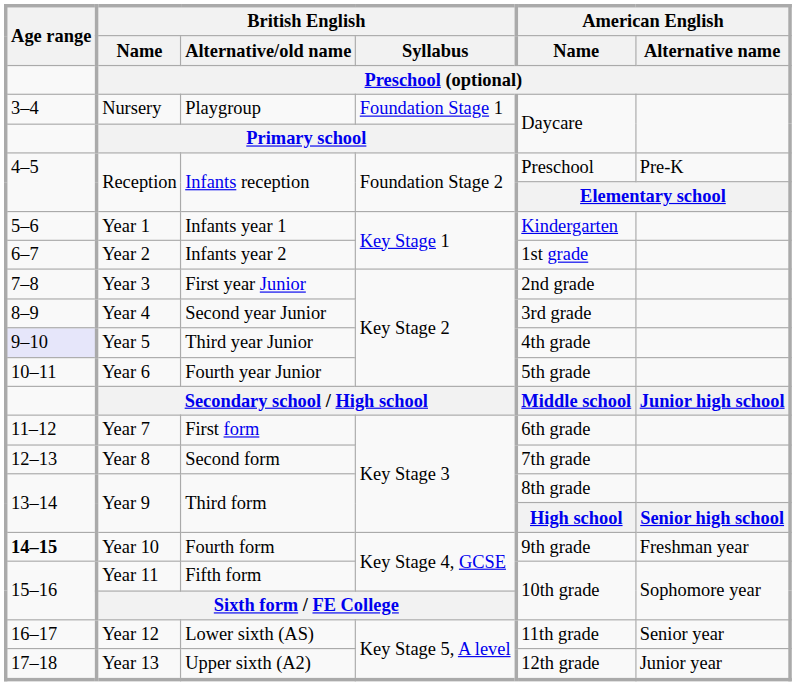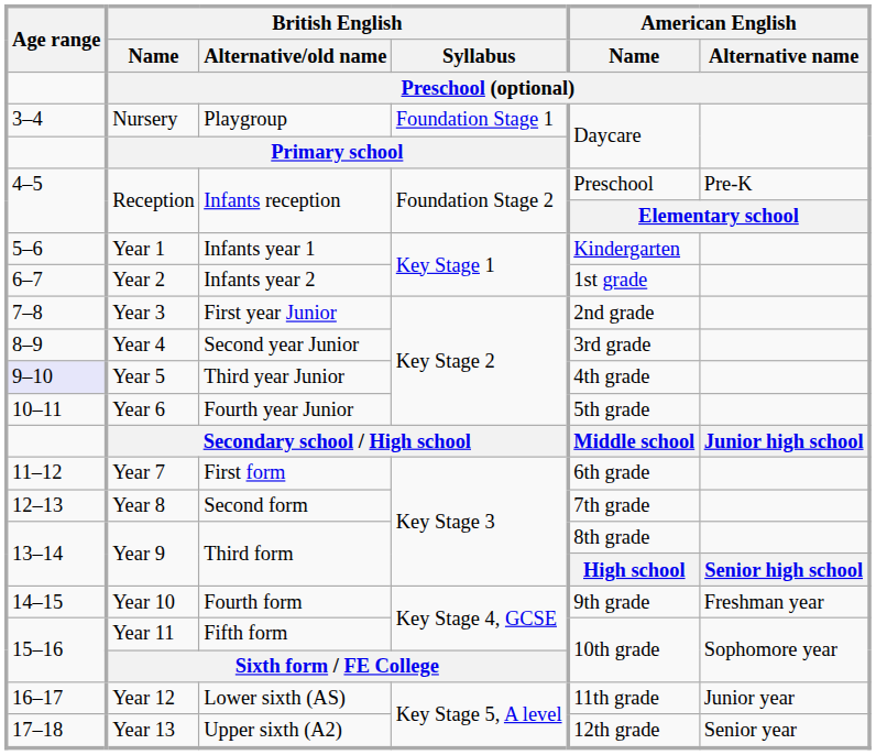 <table class="wikitable sortable" style="border-width:3px">
 <tr>
 <th rowspan="2" style="border-right-width:3px">Age range</th>
 <th colspan="3">British English</th>
 <th colspan="2" style="border-left-width:3px">American English</th>
 </tr>
 <tr>
 <th>Name</th>
 <th>Alternative/old name</th>
 <th>Syllabus</th>
 <th style="border-left-width:3px">Name</th>
 <th>Alternative name</th>
 </tr>
 <tr>
 <td style="vertical-align:bottom;border-right-width:3px"></td>
 <th colspan="5"><a href='#'>Preschool</a> (optional)</th>
 </tr>
 <tr>
 <td style="vertical-align:top;border-right-width:3px">3–4</td>
 <td>Nursery</td>
 <td>Playgroup</td>
 <td><a href='#'>Foundation Stage</a> 1</td>
 <td rowspan="2" style="border-left-width:3px">Daycare</td>
 <td rowspan="2"></td>
 </tr>
 <tr>
 <td style="vertical-align:top;border-right-width:3px"></td>
 <th colspan="3"><a href='#'>Primary school</a></th>
 </tr>
 <tr>
 <td rowspan="2" style="vertical-align:top;border-right-width:3px">4–5</td>
 <td rowspan="2">Reception</td>
 <td rowspan="2"><a href='#'>Infants</a> reception</td>
 <td rowspan="2">Foundation Stage 2</td>
 <td style="border-left-width:3px">Preschool</td>
 <td>Pre-K</td>
 </tr>
 <tr>
 <th colspan="2" style="border-left-width:3px"><a href='#'>Elementary school</a></th>
 </tr>
 <tr>
 <td style="vertical-align:top;border-right-width:3px">5–6</td>
 <td style="vertical-align:top">Year 1</td>
 <td style="vertical-align:top">Infants year 1</td>
 <td rowspan="2"><a href='#'>Key Stage</a> 1</td>
 <td style="border-left-width:3px"><a href='#'>Kindergarten</a></td>
 <td></td>
 </tr>
 <tr>
 <td style="border-right-width:3px">6–7</td>
 <td>Year 2</td>
 <td>Infants year 2</td>
 <td style="border-left-width:3px">1st <a href='#'>grade</a></td>
 <td> </td>
 </tr>
 <tr>
 <td style="border-right-width:3px">7–8</td>
 <td>Year 3</td>
 <td>First year <a href='#'>Junior</a></td>
 <td rowspan="4">Key Stage 2</td>
 <td style="border-left-width:3px">2nd grade</td>
 <td> </td>
 </tr>
 <tr>
 <td style="border-right-width:3px">8–9</td>
 <td>Year 4</td>
 <td>Second year Junior</td>
 <td style="border-left-width:3px">3rd grade</td>
 <td> </td>
 </tr>
 <tr>
 <td style="background: lavender; border-right-width:3px">9–10</td>
 <td>Year 5</td>
 <td>Third year Junior</td>
 <td style="border-left-width:3px">4th grade</td>
 <td> </td>
 </tr>
 <tr>
 <td style="border-right-width:3px">10–11</td>
 <td>Year 6</td>
 <td>Fourth year Junior</td>
 <td style="border-left-width:3px">5th grade</td>
 <td> </td>
 </tr>
 <tr>
 <td style="vertical-align:bottom;border-right-width:3px"></td>
 <th colspan="3"><a href='#'>Secondary school</a> / <a href='#'>High school</a></th>
 <th style="border-left-width:3px"><a href='#'>Middle school</a></th>
 <th><a href='#'>Junior high school</a></th>
 </tr>
 <tr>
 <td style="border-right-width:3px">11–12</td>
 <td>Year 7</td>
 <td>First <a href='#'>form</a></td>
 <td rowspan="4">Key Stage 3</td>
 <td style="border-left-width:3px">6th grade</td>
 <td> </td>
 </tr>
 <tr>
 <td style="border-right-width:3px">12–13</td>
 <td>Year 8</td>
 <td>Second form</td>
 <td style="border-left-width:3px">7th grade</td>
 <td> </td>
 </tr>
 <tr>
 <td rowspan="2" style="border-right-width:3px">13–14</td>
 <td rowspan="2">Year 9</td>
 <td rowspan="2">Third form</td>
 <td style="border-left-width:3px">8th grade</td>
 <td> </td>
 </tr>
 <tr>
 <th style="border-left-width:3px"><a href='#'>High school</a></th>
 <th><a href='#'>Senior high school</a></th>
 </tr>
 <tr>
-<td style="border-right-width:3px"><strong>14–15</strong></td>
+<td style="border-right-width:3px">14–15</td>
 <td>Year 10</td>
 <td>Fourth form</td>
 <td rowspan="2">Key Stage 4, <a href='#'>GCSE</a></td>
 <td style="border-left-width:3px">9th grade</td>
 <td>Freshman year</td>
 </tr>
 <tr>
 <td rowspan="2" style="border-right-width:3px">15–16</td>
 <td>Year 11</td>
 <td>Fifth form</td>
 <td rowspan="2" style="border-left-width:3px">10th grade</td>
 <td rowspan="2">Sophomore year</td>
 </tr>
 <tr>
 <th colspan="3"><a href='#'>Sixth form</a> / <a href='#'>FE College</a></th>
 </tr>
 <tr>
 <td style="border-right-width:3px">16–17</td>
 <td>Year 12</td>
 <td>Lower sixth (AS)</td>
 <td rowspan="2">Key Stage 5, <a href='#'>A level</a></td>
 <td style="border-left-width:3px">11th grade</td>
-<td>Senior year</td>
+<td>Junior year</td>
 </tr>
 <tr>
 <td style="border-right-width:3px">17–18</td>
 <td>Year 13</td>
 <td>Upper sixth (A2)</td>
 <td style="border-left-width:3px">12th grade</td>
-<td>Junior year</td>
+<td>Senior year</td>
 </tr>
 </table>
